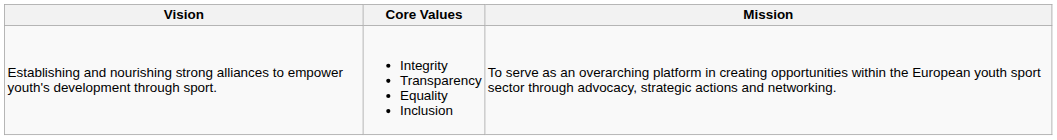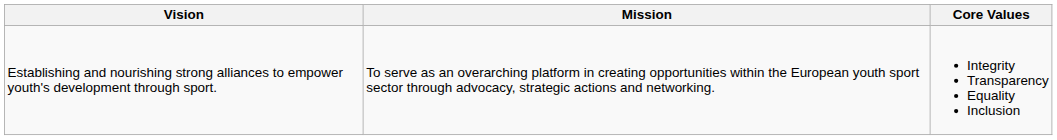 <table class="wikitable">
 <tr>
 <th>Vision</th>
+<th>Mission</th>
 <th>Core Values</th>
-<th>Mission</th>
 </tr>
 <tr>
 <td>Establishing and nourishing strong alliances to empower youth's development through sport.</td>
+<td>To serve as an overarching platform in creating opportunities within the European youth sport sector through advocacy, strategic actions and networking.</td>
 <td><br><ul><li>Integrity</li><li>Transparency</li><li>Equality</li><li>Inclusion</li></ul></td>
-<td>To serve as an overarching platform in creating opportunities within the European youth sport sector through advocacy, strategic actions and networking.</td>
 </tr>
 </table>
